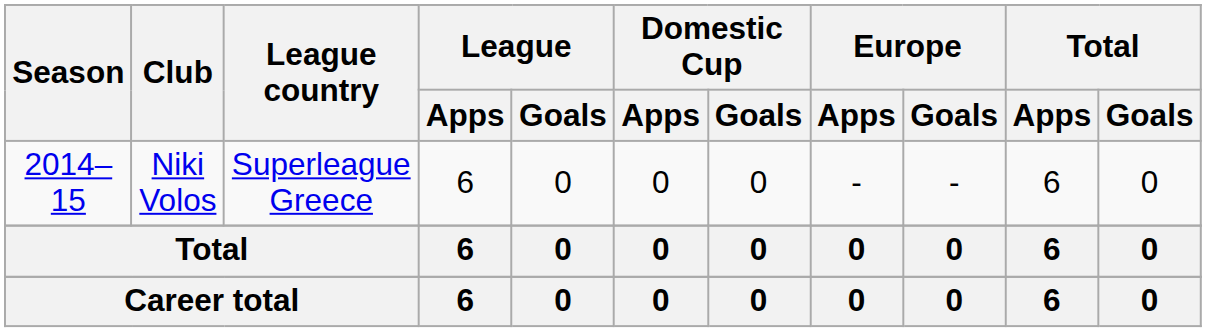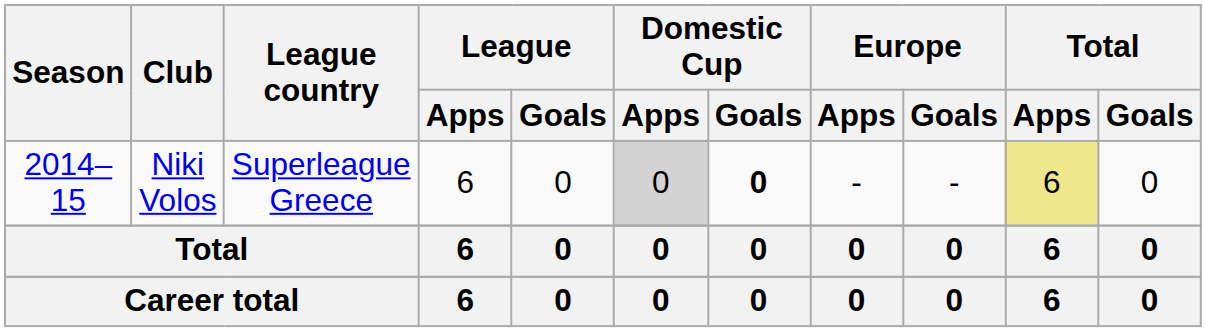 <table class="wikitable" style="text-align: center;">
 <tr>
 <th rowspan="2">Season</th>
 <th rowspan="2">Club</th>
 <th rowspan="2">League country</th>
 <th colspan="2">League</th>
 <th colspan="2">Domestic Cup</th>
 <th colspan="2">Europe</th>
 <th colspan="2">Total</th>
 </tr>
 <tr>
 <th>Apps</th>
 <th>Goals</th>
 <th>Apps</th>
 <th>Goals</th>
 <th>Apps</th>
 <th>Goals</th>
 <th>Apps</th>
 <th>Goals</th>
 </tr>
 <tr>
 <td rowspan="1"><a href='#'>2014–15</a></td>
 <td rowspan="1" valign="center"><a href='#'>Niki Volos</a></td>
 <td rowspan="1"><a href='#'>Superleague Greece</a></td>
 <td>6</td>
 <td>0</td>
-<td>0</td>
-<td>0</td>
+<td style="background: lightgrey;">0</td>
+<td><strong>0</strong></td>
 <td>-</td>
 <td>-</td>
-<td>6</td>
+<td style="background: khaki;">6</td>
 <td>0</td>
 </tr>
 <tr>
 </tr>
 <tr>
 <th colspan="3" valign="center">Total</th>
 <th>6</th>
 <th>0</th>
 <th>0</th>
 <th>0</th>
 <th>0</th>
 <th>0</th>
 <th>6</th>
 <th>0</th>
 </tr>
 <tr>
 </tr>
 <tr>
 <th colspan="3">Career total</th>
 <th>6</th>
 <th>0</th>
 <th>0</th>
 <th>0</th>
 <th>0</th>
 <th>0</th>
 <th>6</th>
 <th>0</th>
 </tr>
 </table>
